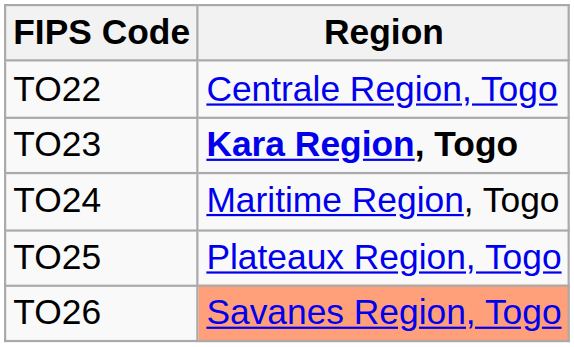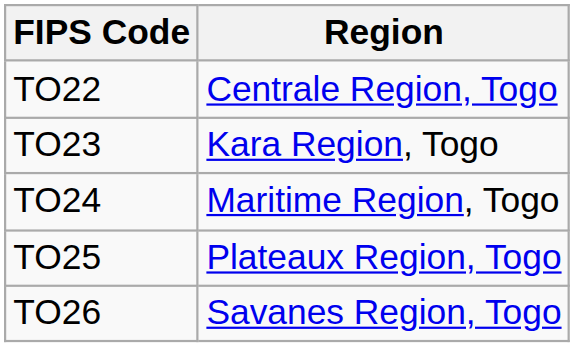 <table class="wikitable">
 <tr>
 <th>FIPS Code</th>
 <th>Region</th>
 </tr>
 <tr>
 <td>TO22</td>
 <td><a href='#'>Centrale Region, Togo</a></td>
 </tr>
 <tr>
 <td>TO23</td>
-<td><strong><a href='#'>Kara Region</a>, Togo</strong></td>
+<td><a href='#'>Kara Region</a>, Togo</td>
 </tr>
 <tr>
 <td>TO24</td>
 <td><a href='#'>Maritime Region</a>, Togo</td>
 </tr>
 <tr>
 <td>TO25</td>
 <td><a href='#'>Plateaux Region, Togo</a></td>
 </tr>
 <tr>
 <td>TO26</td>
-<td style="background: lightsalmon;"><a href='#'>Savanes Region, Togo</a></td>
+<td><a href='#'>Savanes Region, Togo</a></td>
 </tr>
 </table>
